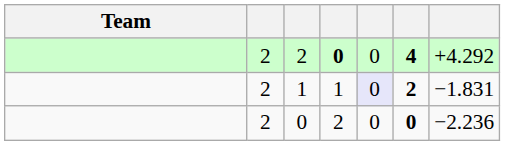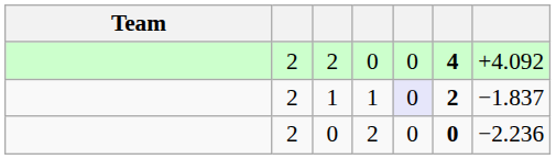 <table class="wikitable" style="text-align:center;">
 <tr>
 <th width=175>Team</th>
 <th style="width:20px;"></th>
 <th style="width:20px;"></th>
 <th style="width:20px;"></th>
 <th style="width:20px;"></th>
 <th style="width:20px;"></th>
 <th style="width:20px;"></th>
 </tr>
 <tr style="background:#cfc">
 <td align=left></td>
 <td>2</td>
 <td>2</td>
-<td><strong>0</strong></td>
+<td>0</td>
 <td>0</td>
 <td><strong>4</strong></td>
-<td>+4.292</td>
+<td>+4.092</td>
 </tr>
 <tr>
 <td align=left></td>
 <td>2</td>
 <td>1</td>
 <td>1</td>
 <td style="background: lavender;">0</td>
 <td><strong>2</strong></td>
-<td>−1.831</td>
+<td>−1.837</td>
 </tr>
 <tr>
 <td align=left></td>
 <td>2</td>
 <td>0</td>
 <td>2</td>
 <td>0</td>
 <td><strong>0</strong></td>
 <td>−2.236</td>
 </tr>
 </table>
